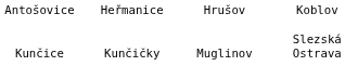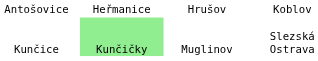 <table>
 <tr>
 <td style="width: 100px; text-align: center; vertical-align: bottom;"><br>Antošovice</td>
 <td style="width: 100px; text-align: center; vertical-align: bottom;"><br>Heřmanice</td>
 <td style="width: 100px; text-align: center; vertical-align: bottom;"><br>Hrušov</td>
 <td style="width: 100px; text-align: center; vertical-align: bottom;"><br>Koblov</td>
 </tr>
 <tr>
 <td style="width: 100px; text-align: center; vertical-align: bottom;"><br>Kunčice</td>
-<td style="width: 100px; text-align: center; vertical-align: bottom;"><br>Kunčičky</td>
+<td style="background: lightgreen; width: 100px; text-align: center; vertical-align: bottom;"><br>Kunčičky</td>
 <td style="width: 100px; text-align: center; vertical-align: bottom;"><br>Muglinov</td>
 <td style="width: 100px; text-align: center; vertical-align: bottom;"><br>Slezská Ostrava</td>
 </tr>
 </table>
